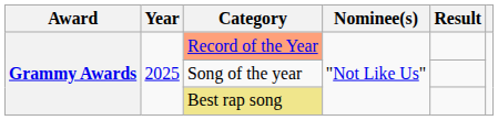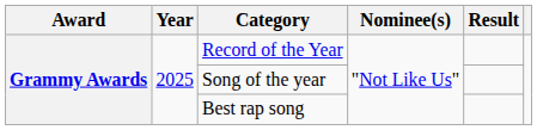 <table class="wikitable sortable plainrowheaders">
 <tr>
 <th scope="col">Award</th>
 <th scope="col">Year</th>
 <th scope="col">Category</th>
 <th scope="col">Nominee(s)</th>
 <th scope="col">Result</th>
 <th scope="col" class="unsortable"></th>
 </tr>
 <tr>
 <th rowspan=3 scope="row"><a href='#'>Grammy Awards</a></th>
 <td rowspan=3><a href='#'>2025</a></td>
-<td style="background: lightsalmon;"><a href='#'>Record of the Year</a></td>
+<td><a href='#'>Record of the Year</a></td>
 <td rowspan=3>"<a href='#'>Not Like Us</a>"</td>
 <td></td>
 <td Rowspan=3 align="center"></td>
 </tr>
 <tr>
 <td>Song of the year</td>
 <td></td>
 </tr>
 <tr>
-<td style="background: khaki;">Best rap song</td>
+<td>Best rap song</td>
 <td></td>
 </tr>
 </table>
